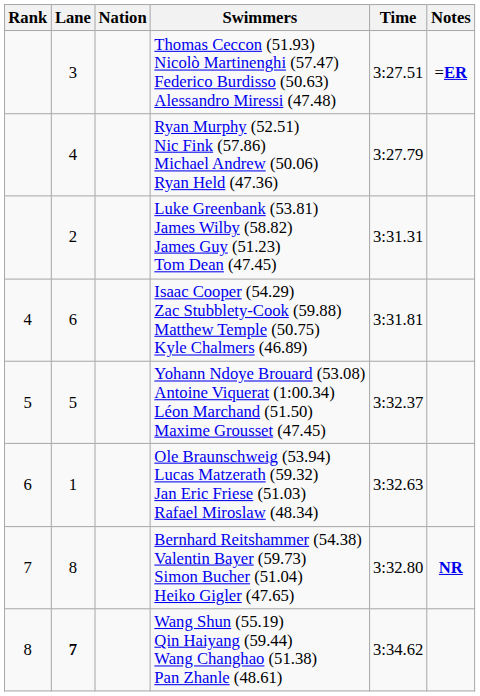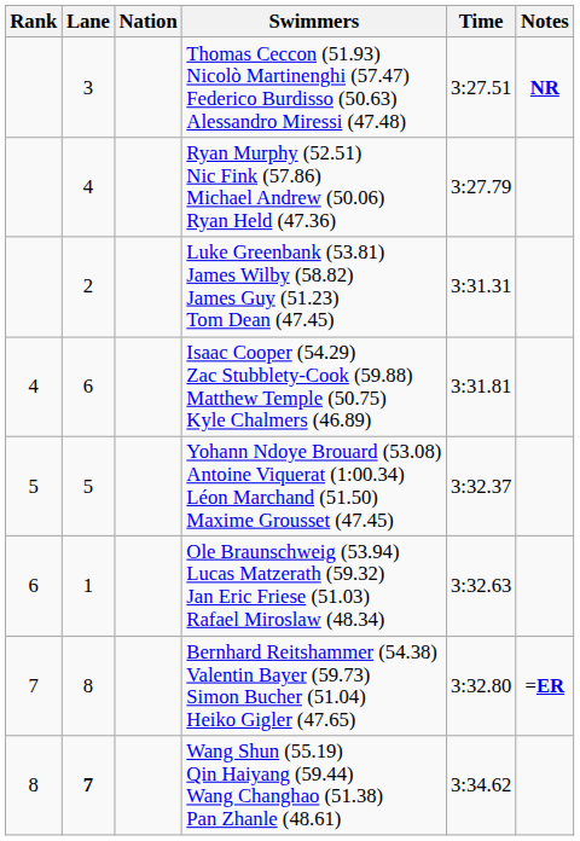 <table class="wikitable sortable" style="text-align:center">
 <tr>
 <th>Rank</th>
 <th>Lane</th>
 <th>Nation</th>
 <th>Swimmers</th>
 <th>Time</th>
 <th>Notes</th>
 </tr>
 <tr>
 <td></td>
 <td>3</td>
 <td align=left></td>
 <td align=left><a href='#'>Thomas Ceccon</a> (51.93)<br><a href='#'>Nicolò Martinenghi</a> (57.47)<br><a href='#'>Federico Burdisso</a> (50.63)<br><a href='#'>Alessandro Miressi</a> (47.48)</td>
 <td>3:27.51</td>
-<td>=<strong><a href='#'>ER</a></strong></td>
+<td><strong><a href='#'>NR</a></strong></td>
 </tr>
 <tr>
 <td></td>
 <td>4</td>
 <td align=left></td>
 <td align=left><a href='#'>Ryan Murphy</a> (52.51)<br><a href='#'>Nic Fink</a> (57.86)<br><a href='#'>Michael Andrew</a> (50.06)<br><a href='#'>Ryan Held</a> (47.36)</td>
 <td>3:27.79</td>
 <td></td>
 </tr>
 <tr>
 <td></td>
 <td>2</td>
 <td align=left></td>
 <td align=left><a href='#'>Luke Greenbank</a> (53.81)<br><a href='#'>James Wilby</a> (58.82)<br><a href='#'>James Guy</a> (51.23)<br><a href='#'>Tom Dean</a> (47.45)</td>
 <td>3:31.31</td>
 <td></td>
 </tr>
 <tr>
 <td>4</td>
 <td>6</td>
 <td align=left></td>
 <td align=left><a href='#'>Isaac Cooper</a> (54.29)<br><a href='#'>Zac Stubblety-Cook</a> (59.88)<br><a href='#'>Matthew Temple</a> (50.75)<br><a href='#'>Kyle Chalmers</a> (46.89)</td>
 <td>3:31.81</td>
 <td></td>
 </tr>
 <tr>
 <td>5</td>
 <td>5</td>
 <td align=left></td>
 <td align=left><a href='#'>Yohann Ndoye Brouard</a> (53.08)<br><a href='#'>Antoine Viquerat</a> (1:00.34)<br><a href='#'>Léon Marchand</a> (51.50)<br><a href='#'>Maxime Grousset</a> (47.45)</td>
 <td>3:32.37</td>
 <td></td>
 </tr>
 <tr>
 <td>6</td>
 <td>1</td>
 <td align=left></td>
 <td align=left><a href='#'>Ole Braunschweig</a> (53.94)<br><a href='#'>Lucas Matzerath</a> (59.32)<br><a href='#'>Jan Eric Friese</a> (51.03)<br><a href='#'>Rafael Miroslaw</a> (48.34)</td>
 <td>3:32.63</td>
 <td></td>
 </tr>
 <tr>
 <td>7</td>
 <td>8</td>
 <td align=left></td>
 <td align=left><a href='#'>Bernhard Reitshammer</a> (54.38)<br><a href='#'>Valentin Bayer</a> (59.73)<br><a href='#'>Simon Bucher</a> (51.04)<br><a href='#'>Heiko Gigler</a> (47.65)</td>
 <td>3:32.80</td>
-<td><strong><a href='#'>NR</a></strong></td>
+<td>=<strong><a href='#'>ER</a></strong></td>
 </tr>
 <tr>
 <td>8</td>
 <td><strong>7</strong></td>
 <td align=left></td>
 <td align=left><a href='#'>Wang Shun</a> (55.19)<br><a href='#'>Qin Haiyang</a> (59.44)<br><a href='#'>Wang Changhao</a> (51.38)<br><a href='#'>Pan Zhanle</a> (48.61)</td>
 <td>3:34.62</td>
 <td></td>
 </tr>
 </table>
